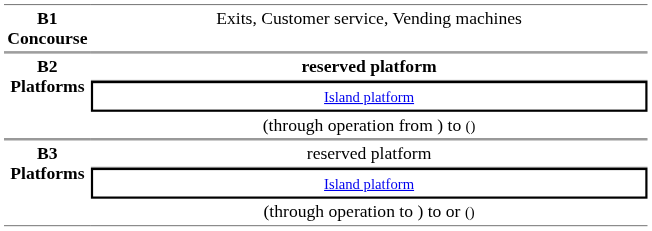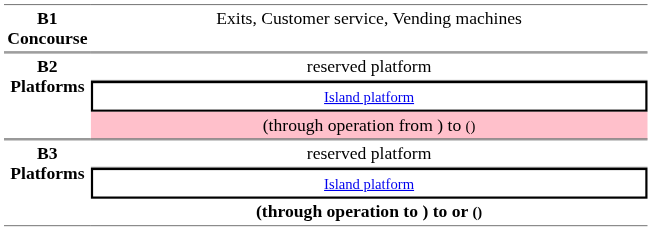 <table table border=0 cellspacing=0 cellpadding=3>
 <tr>
 <td style="border-bottom:solid 1px gray; border-top:solid 1px gray;text-align:center" valign=top><strong>B1<br>Concourse</strong></td>
 <td style="border-bottom:solid 1px gray; border-top:solid 1px gray;text-align:center;" valign=top width=500>Exits, Customer service, Vending machines</td>
 </tr>
 <tr>
 <td style="border-bottom:solid 1px gray; border-top:solid 1px gray;text-align:center" rowspan="3" valign=top><strong>B2<br>Platforms</strong></td>
-<td style="border-bottom:solid 1px gray; border-top:solid 1px gray;text-align:center;"><strong> reserved platform</strong></td>
+<td style="border-bottom:solid 1px gray; border-top:solid 1px gray;text-align:center;"> reserved platform</td>
 </tr>
 <tr>
 <td style="border-right:solid 2px black;border-left:solid 2px black;border-top:solid 2px black;border-bottom:solid 2px black;text-align:center;" colspan=2><small><a href='#'>Island platform</a></small></td>
 </tr>
 <tr>
-<td style="border-bottom:solid 1px gray;text-align:center;">  (through operation from ) to  <small>()</small></td>
+<td style="background: pink; border-bottom:solid 1px gray;text-align:center;">  (through operation from ) to  <small>()</small></td>
 </tr>
 <tr>
 <td style="border-bottom:solid 1px gray; border-top:solid 1px gray;text-align:center" rowspan="3" valign=top><strong>B3<br>Platforms</strong></td>
 <td style="border-bottom:solid 1px gray; border-top:solid 1px gray;text-align:center;"> reserved platform</td>
 </tr>
 <tr>
 <td style="border-right:solid 2px black;border-left:solid 2px black;border-top:solid 2px black;border-bottom:solid 2px black;text-align:center;" colspan=2><small><a href='#'>Island platform</a></small></td>
 </tr>
 <tr>
-<td style="border-bottom:solid 1px gray;text-align:center;"> (through operation to ) to  or  <small>()</small> </td>
+<td style="border-bottom:solid 1px gray;text-align:center;"><strong> (through operation to ) to  or  <small>()</small> </strong></td>
 </tr>
 </table>
